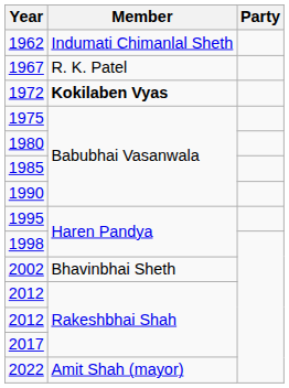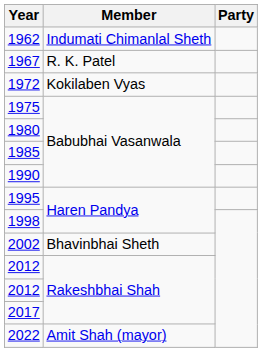 <table class="wikitable sortable">
 <tr>
 <th>Year</th>
 <th>Member</th>
 <th colspan=2>Party</th>
 </tr>
 <tr>
 <td><a href='#'>1962</a></td>
 <td><a href='#'>Indumati Chimanlal Sheth</a></td>
 <td></td>
 </tr>
 <tr>
 <td><a href='#'>1967</a></td>
 <td>R. K. Patel</td>
 <td></td>
 </tr>
 <tr>
 <td><a href='#'>1972</a></td>
-<td><strong>Kokilaben Vyas</strong></td>
+<td>Kokilaben Vyas</td>
 <td></td>
 </tr>
 <tr>
 <td><a href='#'>1975</a></td>
 <td rowspan="4">Babubhai Vasanwala</td>
 <td></td>
 </tr>
 <tr>
 <td><a href='#'>1980</a></td>
 <td></td>
 </tr>
 <tr>
 <td><a href='#'>1985</a></td>
 </tr>
 <tr>
 <td><a href='#'>1990</a></td>
 <td></td>
 </tr>
 <tr>
 <td><a href='#'>1995</a></td>
 <td rowspan="2"><a href='#'>Haren Pandya</a></td>
 <td></td>
 </tr>
 <tr>
 <td><a href='#'>1998</a></td>
 </tr>
 <tr>
 <td><a href='#'>2002</a></td>
 <td>Bhavinbhai Sheth</td>
 </tr>
 <tr>
 <td><a href='#'>2012</a></td>
 <td rowspan="3"><a href='#'>Rakeshbhai Shah</a></td>
 </tr>
 <tr>
 <td><a href='#'>2012</a></td>
 </tr>
 <tr>
 <td><a href='#'>2017</a></td>
 </tr>
 <tr>
 <td><a href='#'>2022</a></td>
 <td><a href='#'>Amit Shah (mayor)</a></td>
 </tr>
 </table>
